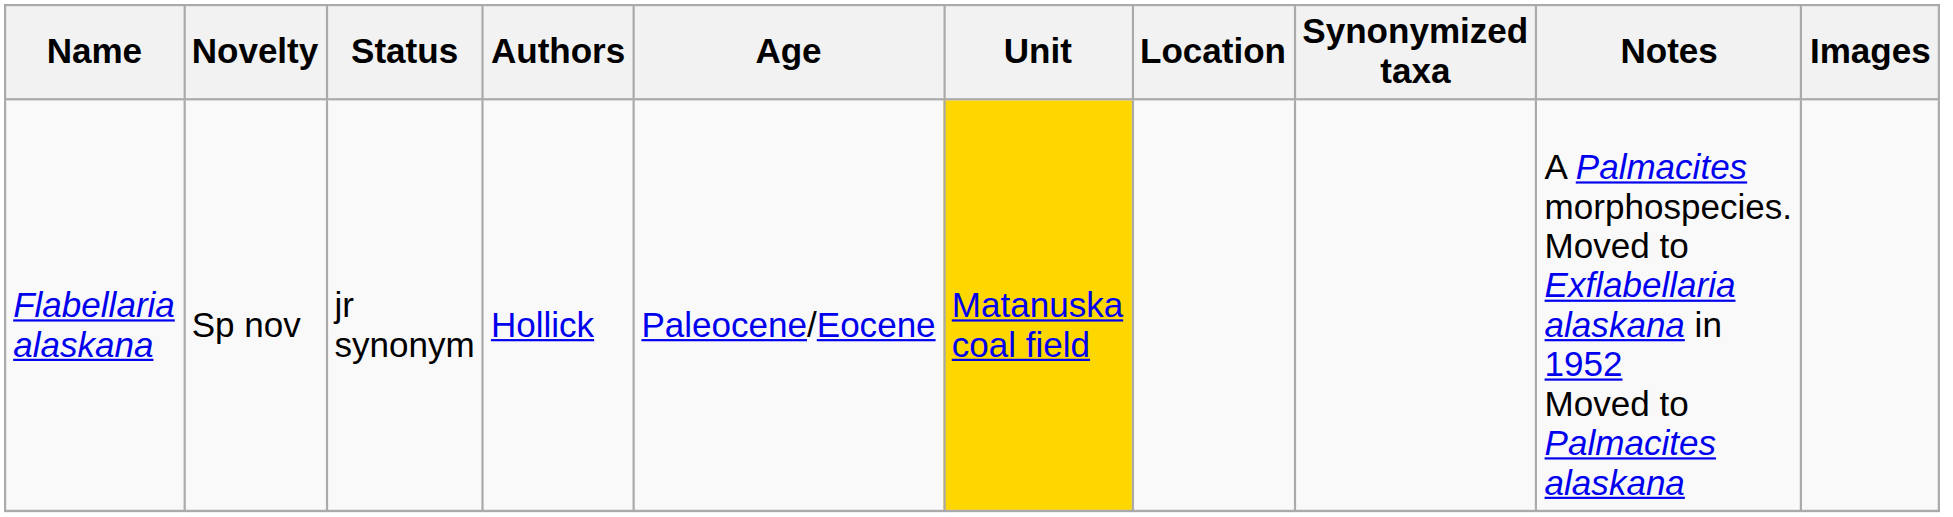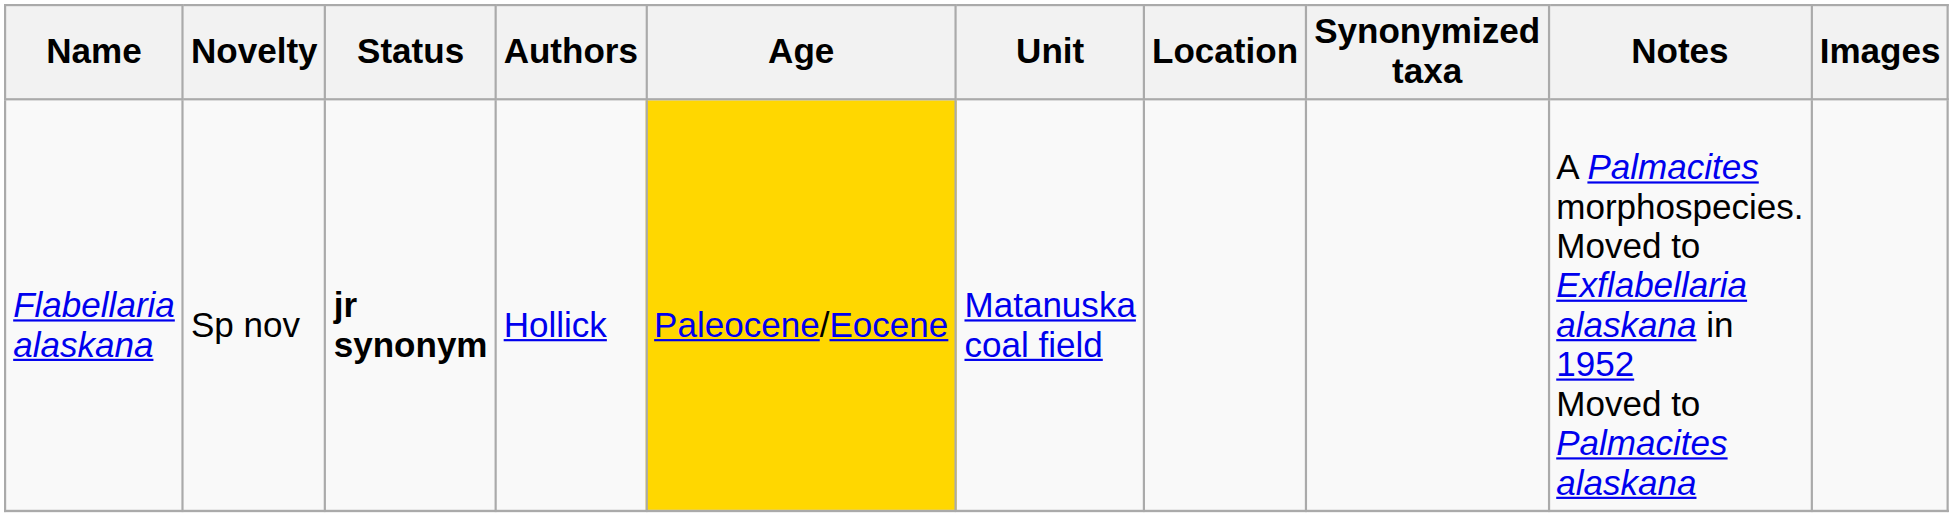 <table class="wikitable sortable" align="center" width="100%">
 <tr>
 <th>Name</th>
 <th>Novelty</th>
 <th>Status</th>
 <th>Authors</th>
 <th>Age</th>
 <th>Unit</th>
 <th>Location</th>
 <th>Synonymized taxa</th>
 <th>Notes</th>
 <th>Images</th>
 </tr>
 <tr>
 <td><br><em><a href='#'>Flabellaria alaskana</a></em></td>
 <td><br>Sp nov</td>
-<td><br>jr synonym</td>
+<td><strong><br>jr synonym</strong></td>
 <td><br><a href='#'>Hollick</a></td>
-<td><br><a href='#'>Paleocene</a>/<a href='#'>Eocene</a></td>
-<td style="background: gold;"><br><a href='#'>Matanuska coal field</a></td>
+<td style="background: gold;"><br><a href='#'>Paleocene</a>/<a href='#'>Eocene</a></td>
+<td><br><a href='#'>Matanuska coal field</a></td>
 <td><br><br></td>
 <td></td>
 <td><br>A <em><a href='#'>Palmacites</a></em> morphospecies.<br> Moved to <em><a href='#'>Exflabellaria alaskana</a></em> in <a href='#'>1952</a><br> Moved to <em><a href='#'>Palmacites alaskana</a></em></td>
 <td></td>
 </tr>
 <tr>
 </tr>
 </table>
